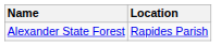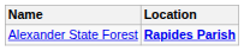 <table class="wikitable">
 <tr>
 <th style="text-align:left">Name<br></th>
 <th style="text-align:left">Location<br></th>
 </tr>
 <tr>
 <td><a href='#'>Alexander State Forest</a></td>
-<td><a href='#'>Rapides Parish</a></td>
+<td><strong><a href='#'>Rapides Parish</a></strong></td>
 </tr>
 </table>
